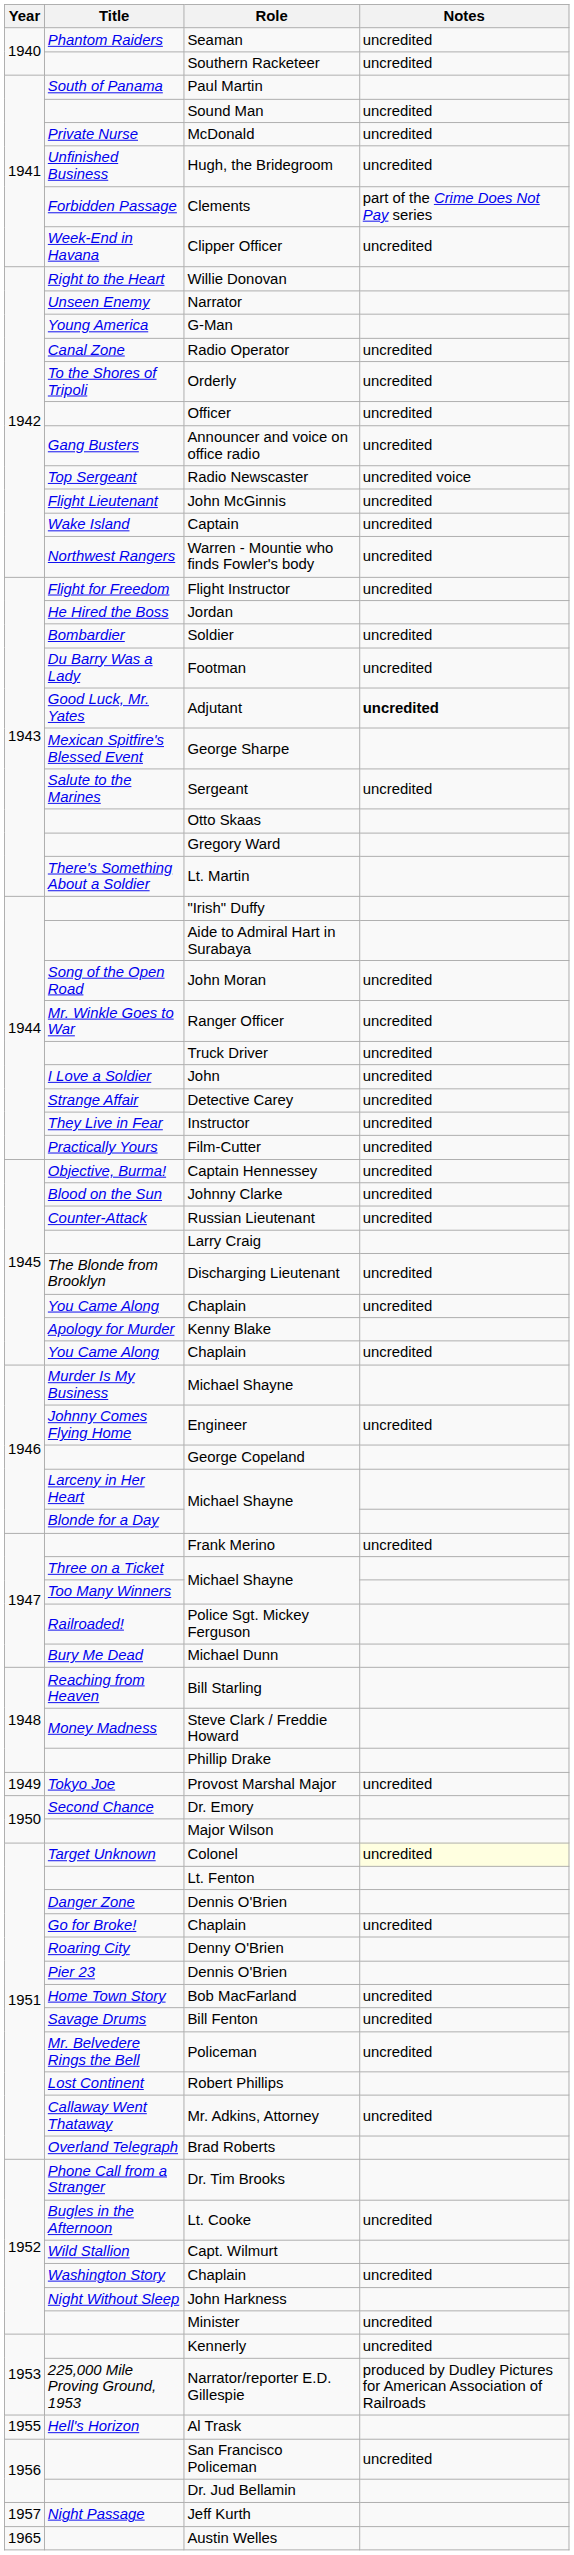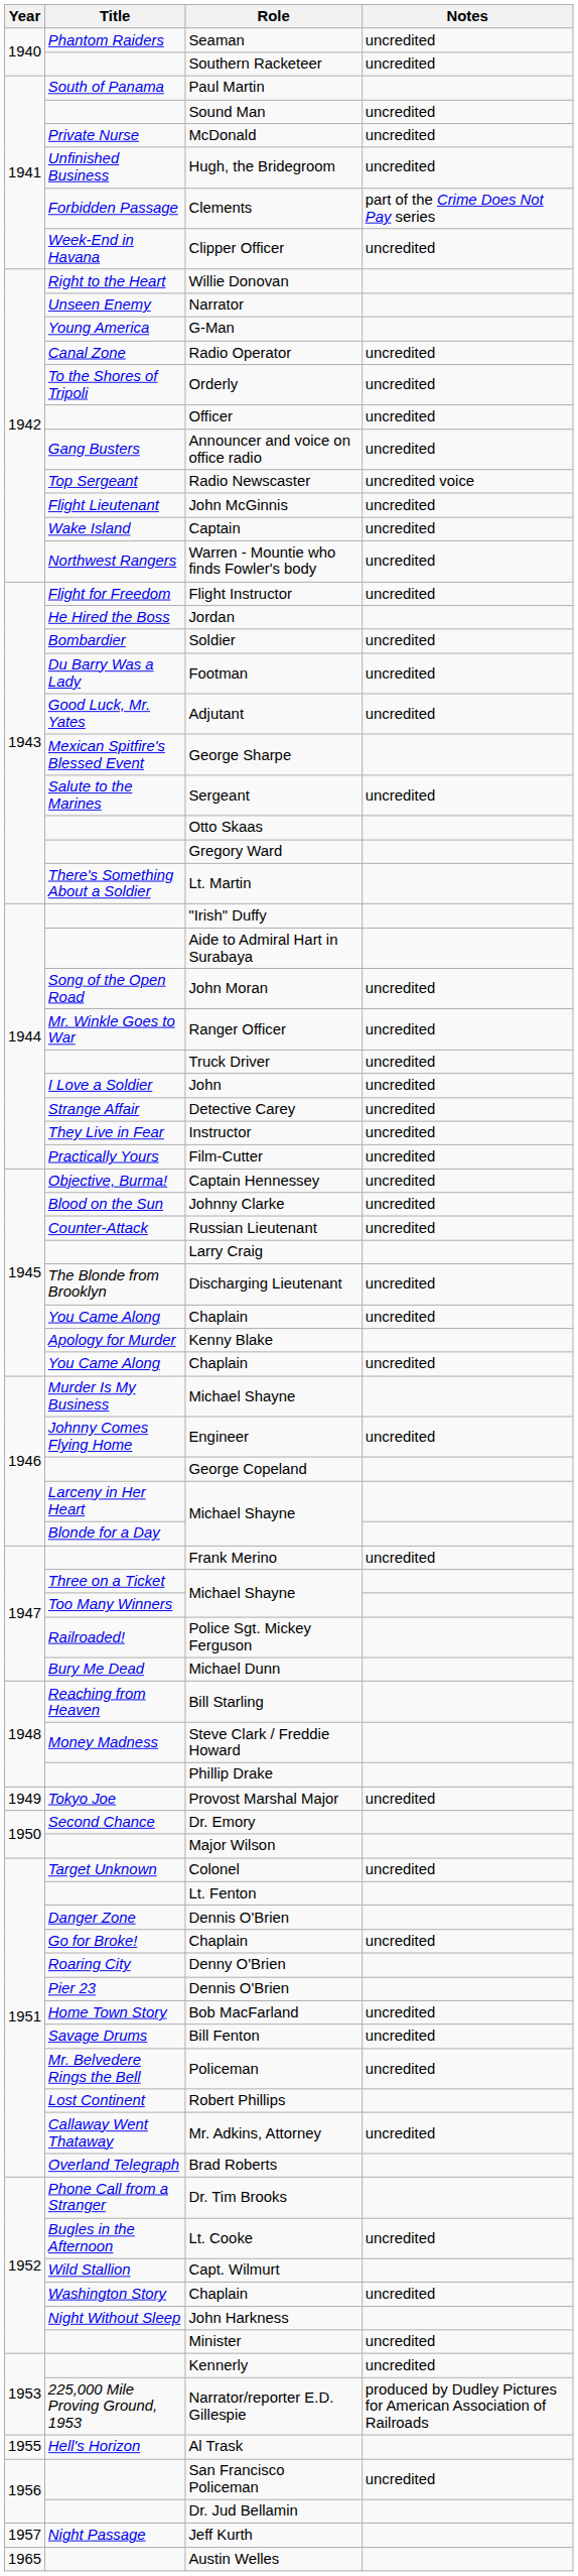 <table class="wikitable sortable">
 <tr>
 <th scope="col">Year</th>
 <th scope="col">Title</th>
 <th scope="col" class="unsortable">Role</th>
 <th scope="col" class="unsortable">Notes</th>
 </tr>
 <tr>
 <td rowspan="2">1940</td>
 <td><em><a href='#'>Phantom Raiders</a></em></td>
 <td>Seaman</td>
 <td>uncredited</td>
 </tr>
 <tr>
 <td></td>
 <td>Southern Racketeer</td>
 <td>uncredited</td>
 </tr>
 <tr>
 <td rowspan="6">1941</td>
 <td><em><a href='#'>South of Panama</a></em></td>
 <td>Paul Martin</td>
 <td></td>
 </tr>
 <tr>
 <td></td>
 <td>Sound Man</td>
 <td>uncredited</td>
 </tr>
 <tr>
 <td><em><a href='#'>Private Nurse</a></em></td>
 <td>McDonald</td>
 <td>uncredited</td>
 </tr>
 <tr>
 <td><em><a href='#'>Unfinished Business</a></em></td>
 <td>Hugh, the Bridegroom</td>
 <td>uncredited</td>
 </tr>
 <tr>
 <td><em><a href='#'>Forbidden Passage</a></em></td>
 <td>Clements</td>
 <td>part of the <em><a href='#'>Crime Does Not Pay</a></em> series</td>
 </tr>
 <tr>
 <td><em><a href='#'>Week-End in Havana</a></em></td>
 <td>Clipper Officer</td>
 <td>uncredited</td>
 </tr>
 <tr>
 <td rowspan="11">1942</td>
 <td><em><a href='#'>Right to the Heart</a></em></td>
 <td>Willie Donovan</td>
 <td></td>
 </tr>
 <tr>
 <td><em><a href='#'>Unseen Enemy</a></em></td>
 <td>Narrator</td>
 <td></td>
 </tr>
 <tr>
 <td><em><a href='#'>Young America</a></em></td>
 <td>G-Man</td>
 <td></td>
 </tr>
 <tr>
 <td><em><a href='#'>Canal Zone</a></em></td>
 <td>Radio Operator</td>
 <td>uncredited</td>
 </tr>
 <tr>
 <td><em><a href='#'>To the Shores of Tripoli</a></em></td>
 <td>Orderly</td>
 <td>uncredited</td>
 </tr>
 <tr>
 <td></td>
 <td>Officer</td>
 <td>uncredited</td>
 </tr>
 <tr>
 <td><em><a href='#'>Gang Busters</a></em></td>
 <td>Announcer and voice on office radio</td>
 <td>uncredited</td>
 </tr>
 <tr>
 <td><em><a href='#'>Top Sergeant</a></em></td>
 <td>Radio Newscaster</td>
 <td>uncredited voice</td>
 </tr>
 <tr>
 <td><em><a href='#'>Flight Lieutenant</a></em></td>
 <td>John McGinnis</td>
 <td>uncredited</td>
 </tr>
 <tr>
 <td><em><a href='#'>Wake Island</a></em></td>
 <td>Captain</td>
 <td>uncredited</td>
 </tr>
 <tr>
 <td><em><a href='#'>Northwest Rangers</a></em></td>
 <td>Warren - Mountie who finds Fowler's body</td>
 <td>uncredited</td>
 </tr>
 <tr>
 <td rowspan="10">1943</td>
 <td><em><a href='#'>Flight for Freedom</a></em></td>
 <td>Flight Instructor</td>
 <td>uncredited</td>
 </tr>
 <tr>
 <td><em><a href='#'>He Hired the Boss</a></em></td>
 <td>Jordan</td>
 <td></td>
 </tr>
 <tr>
 <td><em><a href='#'>Bombardier</a></em></td>
 <td>Soldier</td>
 <td>uncredited</td>
 </tr>
 <tr>
 <td><em><a href='#'>Du Barry Was a Lady</a></em></td>
 <td>Footman</td>
 <td>uncredited</td>
 </tr>
 <tr>
 <td><em><a href='#'>Good Luck, Mr. Yates</a></em></td>
 <td>Adjutant</td>
-<td><strong>uncredited</strong></td>
+<td>uncredited</td>
 </tr>
 <tr>
 <td><em><a href='#'>Mexican Spitfire's Blessed Event</a></em></td>
 <td>George Sharpe</td>
 <td></td>
 </tr>
 <tr>
 <td><em><a href='#'>Salute to the Marines</a></em></td>
 <td>Sergeant</td>
 <td>uncredited</td>
 </tr>
 <tr>
 <td></td>
 <td>Otto Skaas</td>
 <td></td>
 </tr>
 <tr>
 <td></td>
 <td>Gregory Ward</td>
 <td></td>
 </tr>
 <tr>
 <td><em><a href='#'>There's Something About a Soldier</a></em></td>
 <td>Lt. Martin</td>
 <td></td>
 </tr>
 <tr>
 <td rowspan="9">1944</td>
 <td></td>
 <td>"Irish" Duffy</td>
 <td></td>
 </tr>
 <tr>
 <td></td>
 <td>Aide to Admiral Hart in Surabaya</td>
 <td></td>
 </tr>
 <tr>
 <td><em><a href='#'>Song of the Open Road</a></em></td>
 <td>John Moran</td>
 <td>uncredited</td>
 </tr>
 <tr>
 <td><em><a href='#'>Mr. Winkle Goes to War</a></em></td>
 <td>Ranger Officer</td>
 <td>uncredited</td>
 </tr>
 <tr>
 <td></td>
 <td>Truck Driver</td>
 <td>uncredited</td>
 </tr>
 <tr>
 <td><em><a href='#'>I Love a Soldier</a></em></td>
 <td>John</td>
 <td>uncredited</td>
 </tr>
 <tr>
 <td><em><a href='#'>Strange Affair</a></em></td>
 <td>Detective Carey</td>
 <td>uncredited</td>
 </tr>
 <tr>
 <td><em><a href='#'>They Live in Fear</a></em></td>
 <td>Instructor</td>
 <td>uncredited</td>
 </tr>
 <tr>
 <td><em><a href='#'>Practically Yours</a></em></td>
 <td>Film-Cutter</td>
 <td>uncredited</td>
 </tr>
 <tr>
 <td rowspan="8">1945</td>
 <td><em><a href='#'>Objective, Burma!</a></em></td>
 <td>Captain Hennessey</td>
 <td>uncredited</td>
 </tr>
 <tr>
 <td><em><a href='#'>Blood on the Sun</a></em></td>
 <td>Johnny Clarke</td>
 <td>uncredited</td>
 </tr>
 <tr>
 <td><em><a href='#'>Counter-Attack</a></em></td>
 <td>Russian Lieutenant</td>
 <td>uncredited</td>
 </tr>
 <tr>
 <td></td>
 <td>Larry Craig</td>
 <td></td>
 </tr>
 <tr>
 <td><em>The Blonde from Brooklyn</em></td>
 <td>Discharging Lieutenant</td>
 <td>uncredited</td>
 </tr>
 <tr>
 <td><em><a href='#'>You Came Along</a></em></td>
 <td>Chaplain</td>
 <td>uncredited</td>
 </tr>
 <tr>
 <td><em><a href='#'>Apology for Murder</a></em></td>
 <td>Kenny Blake</td>
 <td></td>
 </tr>
 <tr>
 <td><em><a href='#'>You Came Along</a></em></td>
 <td>Chaplain</td>
 <td>uncredited</td>
 </tr>
 <tr>
 <td rowspan="5">1946</td>
 <td><em><a href='#'>Murder Is My Business</a></em></td>
 <td>Michael Shayne</td>
 <td></td>
 </tr>
 <tr>
 <td><em><a href='#'>Johnny Comes Flying Home</a></em></td>
 <td>Engineer</td>
 <td>uncredited</td>
 </tr>
 <tr>
 <td></td>
 <td>George Copeland</td>
 <td></td>
 </tr>
 <tr>
 <td><em><a href='#'>Larceny in Her Heart</a></em></td>
 <td rowspan="2">Michael Shayne</td>
 <td></td>
 </tr>
 <tr>
 <td><em><a href='#'>Blonde for a Day</a></em></td>
 <td></td>
 </tr>
 <tr>
 <td rowspan="5">1947</td>
 <td></td>
 <td>Frank Merino</td>
 <td>uncredited</td>
 </tr>
 <tr>
 <td><em><a href='#'>Three on a Ticket</a></em></td>
 <td rowspan="2">Michael Shayne</td>
 <td></td>
 </tr>
 <tr>
 <td><em><a href='#'>Too Many Winners</a></em></td>
 <td></td>
 </tr>
 <tr>
 <td><em><a href='#'>Railroaded!</a></em></td>
 <td>Police Sgt. Mickey Ferguson</td>
 <td></td>
 </tr>
 <tr>
 <td><em><a href='#'>Bury Me Dead</a></em></td>
 <td>Michael Dunn</td>
 <td></td>
 </tr>
 <tr>
 <td rowspan="3">1948</td>
 <td><em><a href='#'>Reaching from Heaven</a></em></td>
 <td>Bill Starling</td>
 <td></td>
 </tr>
 <tr>
 <td><em><a href='#'>Money Madness</a></em></td>
 <td>Steve Clark / Freddie Howard</td>
 <td></td>
 </tr>
 <tr>
 <td></td>
 <td>Phillip Drake</td>
 <td></td>
 </tr>
 <tr>
 <td>1949</td>
 <td><em><a href='#'>Tokyo Joe</a></em></td>
 <td>Provost Marshal Major</td>
 <td>uncredited</td>
 </tr>
 <tr>
 <td rowspan="2">1950</td>
 <td><em><a href='#'>Second Chance</a></em></td>
 <td>Dr. Emory</td>
 <td></td>
 </tr>
 <tr>
 <td></td>
 <td>Major Wilson</td>
 <td></td>
 </tr>
 <tr>
 <td rowspan="12">1951</td>
 <td><em><a href='#'>Target Unknown</a></em></td>
 <td>Colonel</td>
-<td style="background: lightyellow;">uncredited</td>
+<td>uncredited</td>
 </tr>
 <tr>
 <td></td>
 <td>Lt. Fenton</td>
 <td></td>
 </tr>
 <tr>
 <td><em><a href='#'>Danger Zone</a></em></td>
 <td>Dennis O'Brien</td>
 <td></td>
 </tr>
 <tr>
 <td><em><a href='#'>Go for Broke!</a></em></td>
 <td>Chaplain</td>
 <td>uncredited</td>
 </tr>
 <tr>
 <td><em><a href='#'>Roaring City</a></em></td>
 <td>Denny O'Brien</td>
 <td></td>
 </tr>
 <tr>
 <td><em><a href='#'>Pier 23</a></em></td>
 <td>Dennis O'Brien</td>
 <td></td>
 </tr>
 <tr>
 <td><em><a href='#'>Home Town Story</a></em></td>
 <td>Bob MacFarland</td>
 <td>uncredited</td>
 </tr>
 <tr>
 <td><em><a href='#'>Savage Drums</a></em></td>
 <td>Bill Fenton</td>
 <td>uncredited</td>
 </tr>
 <tr>
 <td><em><a href='#'>Mr. Belvedere Rings the Bell</a></em></td>
 <td>Policeman</td>
 <td>uncredited</td>
 </tr>
 <tr>
 <td><em><a href='#'>Lost Continent</a></em></td>
 <td>Robert Phillips</td>
 <td></td>
 </tr>
 <tr>
 <td><em><a href='#'>Callaway Went Thataway</a></em></td>
 <td>Mr. Adkins, Attorney</td>
 <td>uncredited</td>
 </tr>
 <tr>
 <td><em><a href='#'>Overland Telegraph</a></em></td>
 <td>Brad Roberts</td>
 <td></td>
 </tr>
 <tr>
 <td rowspan="6">1952</td>
 <td><em><a href='#'>Phone Call from a Stranger</a></em></td>
 <td>Dr. Tim Brooks</td>
 <td></td>
 </tr>
 <tr>
 <td><em><a href='#'>Bugles in the Afternoon</a></em></td>
 <td>Lt. Cooke</td>
 <td>uncredited</td>
 </tr>
 <tr>
 <td><em><a href='#'>Wild Stallion</a></em></td>
 <td>Capt. Wilmurt</td>
 <td></td>
 </tr>
 <tr>
 <td><em><a href='#'>Washington Story</a></em></td>
 <td>Chaplain</td>
 <td>uncredited</td>
 </tr>
 <tr>
 <td><em><a href='#'>Night Without Sleep</a></em></td>
 <td>John Harkness</td>
 <td></td>
 </tr>
 <tr>
 <td></td>
 <td>Minister</td>
 <td>uncredited</td>
 </tr>
 <tr>
 <td rowspan=2>1953</td>
 <td></td>
 <td>Kennerly</td>
 <td>uncredited</td>
 </tr>
 <tr>
 <td><em>225,000 Mile Proving Ground, 1953</em></td>
 <td>Narrator/reporter E.D. Gillespie</td>
 <td>produced by Dudley Pictures for American Association of Railroads</td>
 </tr>
 <tr>
 <td>1955</td>
 <td><em><a href='#'>Hell's Horizon</a></em></td>
 <td>Al Trask</td>
 <td></td>
 </tr>
 <tr>
 <td rowspan="2">1956</td>
 <td></td>
 <td>San Francisco Policeman</td>
 <td>uncredited</td>
 </tr>
 <tr>
 <td></td>
 <td>Dr. Jud Bellamin</td>
 <td></td>
 </tr>
 <tr>
 <td>1957</td>
 <td><em><a href='#'>Night Passage</a></em></td>
 <td>Jeff Kurth</td>
 <td></td>
 </tr>
 <tr>
 <td>1965</td>
 <td></td>
 <td>Austin Welles</td>
 <td></td>
 </tr>
 </table>
